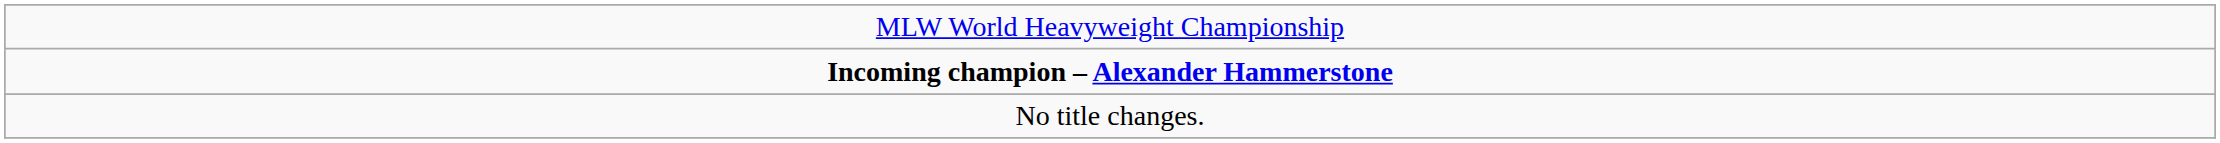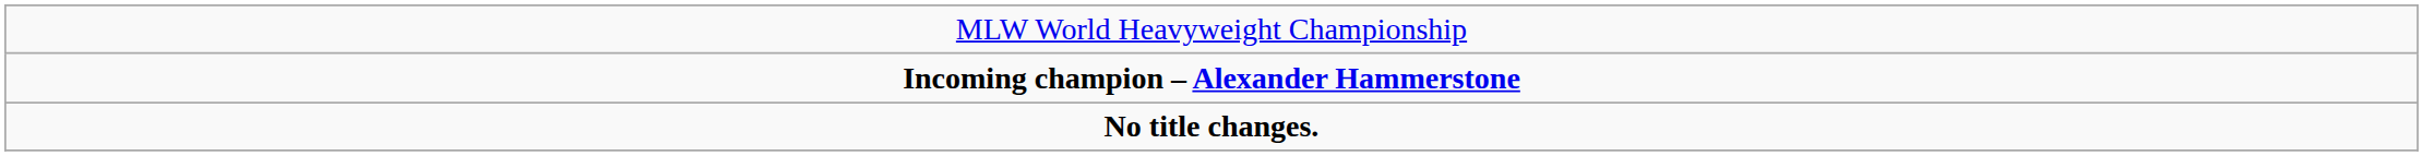 <table class="wikitable" style="text-align:center; width:100%;">
 <tr>
 <td style="text-align: center;"><a href='#'>MLW World Heavyweight Championship</a></td>
 </tr>
 <tr>
 <td style="text-align: center;"><strong>Incoming champion – <a href='#'>Alexander Hammerstone</a></strong></td>
 </tr>
 <tr>
-<td>No title changes.</td>
+<td><strong>No title changes.</strong></td>
 </tr>
 </table>
